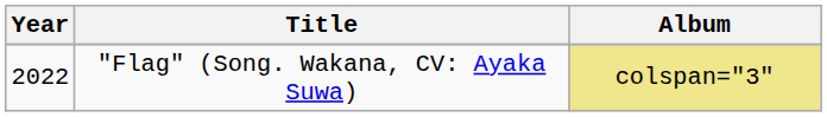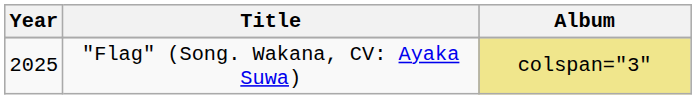 <table class="wikitable plainrowheaders" style="text-align:center;">
 <tr>
 <th scope="col" colspan=1; style="width:2em;">Year</th>
 <th scope="col" colspan=1; style="width:20em;">Title</th>
 <th scope="col" colspan=1; style="width:10em;">Album</th>
 </tr>
 <tr>
 </tr>
 <tr>
-<td>2022</td>
+<td>2025</td>
 <td align=center scope="row">"Flag" (Song. Wakana, CV: <a href='#'>Ayaka Suwa</a>)</td>
 <td style="background: khaki;">colspan="3" </td>
 </tr>
 </table>
